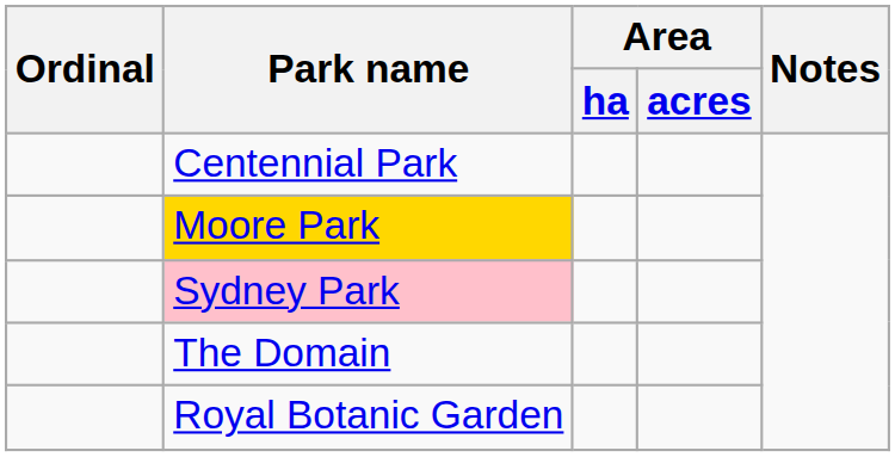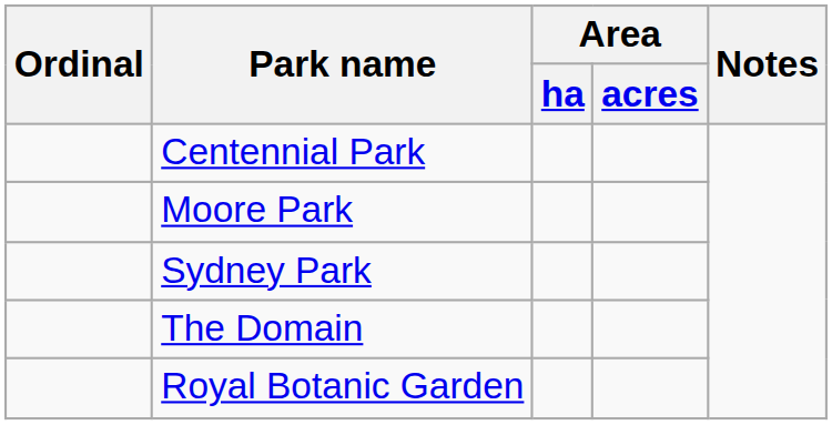 <table class="wikitable sortable";>
 <tr>
 <th rowspan=2>Ordinal</th>
 <th rowspan=2>Park name</th>
 <th colspan=2>Area</th>
 <th rowspan=2>Notes</th>
 </tr>
 <tr>
 <th><a href='#'>ha</a></th>
 <th><a href='#'>acres</a></th>
 </tr>
 <tr>
 <td align=center></td>
 <td><a href='#'>Centennial Park</a></td>
 <td></td>
 <td></td>
 </tr>
 <tr>
 <td align=center></td>
-<td style="background: gold;"><a href='#'>Moore Park</a></td>
+<td><a href='#'>Moore Park</a></td>
 <td></td>
 <td></td>
 </tr>
 <tr>
 <td align=center></td>
-<td style="background: pink;"><a href='#'>Sydney Park</a></td>
+<td><a href='#'>Sydney Park</a></td>
 <td></td>
 <td></td>
 </tr>
 <tr>
 <td align=center></td>
 <td><a href='#'>The Domain</a></td>
 <td></td>
 <td></td>
 </tr>
 <tr>
 <td align=center></td>
 <td><a href='#'>Royal Botanic Garden</a></td>
 <td></td>
 <td></td>
 </tr>
 </table>
